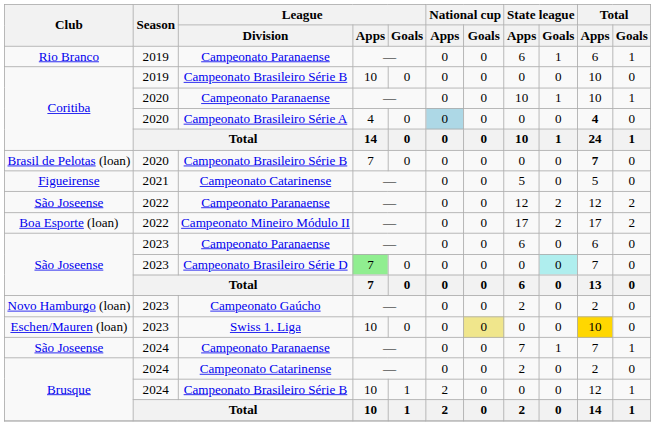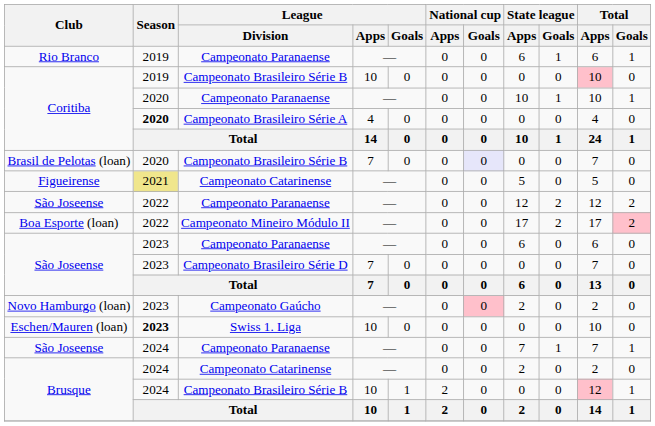 <table class="wikitable" style="text-align:center">
 <tr>
 <th rowspan="2">Club</th>
 <th rowspan="2">Season</th>
 <th colspan="3">League</th>
 <th colspan="2">National cup</th>
 <th colspan="2">State league</th>
 <th colspan="2">Total</th>
 </tr>
 <tr>
 <th>Division</th>
 <th>Apps</th>
 <th>Goals</th>
 <th>Apps</th>
 <th>Goals</th>
 <th>Apps</th>
 <th>Goals</th>
 <th>Apps</th>
 <th>Goals</th>
 </tr>
 <tr>
 <td><a href='#'>Rio Branco</a></td>
 <td>2019</td>
 <td><a href='#'>Campeonato Paranaense</a></td>
 <td colspan="2">—</td>
 <td>0</td>
 <td>0</td>
 <td>6</td>
 <td>1</td>
 <td>6</td>
 <td>1</td>
 </tr>
 <tr>
 <td rowspan="4"><a href='#'>Coritiba</a></td>
 <td>2019</td>
 <td><a href='#'>Campeonato Brasileiro Série B</a></td>
 <td>10</td>
 <td>0</td>
 <td>0</td>
 <td>0</td>
 <td>0</td>
 <td>0</td>
-<td>10</td>
+<td style="background: pink;">10</td>
 <td>0</td>
 </tr>
 <tr>
 <td>2020</td>
 <td><a href='#'>Campeonato Paranaense</a></td>
 <td colspan="2">—</td>
 <td>0</td>
 <td>0</td>
 <td>10</td>
 <td>1</td>
 <td>10</td>
 <td>1</td>
 </tr>
 <tr>
-<td>2020</td>
+<td><strong>2020</strong></td>
 <td><a href='#'>Campeonato Brasileiro Série A</a></td>
 <td>4</td>
 <td>0</td>
-<td style="background: lightblue;">0</td>
 <td>0</td>
 <td>0</td>
 <td>0</td>
-<td><strong>4</strong></td>
+<td>0</td>
+<td>4</td>
 <td>0</td>
 </tr>
 <tr>
 <th colspan="2">Total</th>
 <th>14</th>
 <th>0</th>
 <th>0</th>
 <th>0</th>
 <th>10</th>
 <th>1</th>
 <th>24</th>
 <th>1</th>
 </tr>
 <tr>
 <td><a href='#'>Brasil de Pelotas</a> (loan)</td>
 <td>2020</td>
 <td><a href='#'>Campeonato Brasileiro Série B</a></td>
 <td>7</td>
 <td>0</td>
 <td>0</td>
+<td style="background: lavender;">0</td>
 <td>0</td>
 <td>0</td>
-<td>0</td>
-<td><strong>7</strong></td>
+<td>7</td>
 <td>0</td>
 </tr>
 <tr>
 <td><a href='#'>Figueirense</a></td>
-<td>2021</td>
+<td style="background: khaki;">2021</td>
 <td><a href='#'>Campeonato Catarinense</a></td>
 <td colspan="2">—</td>
 <td>0</td>
 <td>0</td>
 <td>5</td>
 <td>0</td>
 <td>5</td>
 <td>0</td>
 </tr>
 <tr>
 <td><a href='#'>São Joseense</a></td>
 <td>2022</td>
 <td><a href='#'>Campeonato Paranaense</a></td>
 <td colspan="2">—</td>
 <td>0</td>
 <td>0</td>
 <td>12</td>
 <td>2</td>
 <td>12</td>
 <td>2</td>
 </tr>
 <tr>
 <td><a href='#'>Boa Esporte</a> (loan)</td>
 <td>2022</td>
 <td><a href='#'>Campeonato Mineiro Módulo II</a></td>
 <td colspan="2">—</td>
 <td>0</td>
 <td>0</td>
 <td>17</td>
 <td>2</td>
 <td>17</td>
-<td>2</td>
+<td style="background: pink;">2</td>
 </tr>
 <tr>
 <td rowspan="3"><a href='#'>São Joseense</a></td>
 <td>2023</td>
 <td><a href='#'>Campeonato Paranaense</a></td>
 <td colspan="2">—</td>
 <td>0</td>
 <td>0</td>
 <td>6</td>
 <td>0</td>
 <td>6</td>
 <td>0</td>
 </tr>
 <tr>
 <td>2023</td>
 <td><a href='#'>Campeonato Brasileiro Série D</a></td>
-<td style="background: lightgreen;">7</td>
+<td>7</td>
 <td>0</td>
 <td>0</td>
 <td>0</td>
 <td>0</td>
-<td style="background: paleturquoise;">0</td>
+<td>0</td>
 <td>7</td>
 <td>0</td>
 </tr>
 <tr>
 <th colspan="2">Total</th>
 <th>7</th>
 <th>0</th>
 <th>0</th>
 <th>0</th>
 <th>6</th>
 <th>0</th>
 <th>13</th>
 <th>0</th>
 </tr>
 <tr>
 <td><a href='#'>Novo Hamburgo</a> (loan)</td>
 <td>2023</td>
 <td><a href='#'>Campeonato Gaúcho</a></td>
 <td colspan="2">—</td>
 <td>0</td>
-<td>0</td>
+<td style="background: pink;">0</td>
 <td>2</td>
 <td>0</td>
 <td>2</td>
 <td>0</td>
 </tr>
 <tr>
 <td><a href='#'>Eschen/Mauren</a> (loan)</td>
-<td>2023</td>
+<td><strong>2023</strong></td>
 <td><a href='#'>Swiss 1. Liga</a></td>
 <td>10</td>
 <td>0</td>
 <td>0</td>
-<td style="background: khaki;">0</td>
 <td>0</td>
 <td>0</td>
-<td style="background: gold;">10</td>
+<td>0</td>
+<td>10</td>
 <td>0</td>
 </tr>
 <tr>
 <td><a href='#'>São Joseense</a></td>
 <td>2024</td>
 <td><a href='#'>Campeonato Paranaense</a></td>
 <td colspan="2">—</td>
 <td>0</td>
 <td>0</td>
 <td>7</td>
 <td>1</td>
 <td>7</td>
 <td>1</td>
 </tr>
 <tr>
 <td rowspan="3"><a href='#'>Brusque</a></td>
 <td>2024</td>
 <td><a href='#'>Campeonato Catarinense</a></td>
 <td colspan="2">—</td>
 <td>0</td>
 <td>0</td>
 <td>2</td>
 <td>0</td>
 <td>2</td>
 <td>0</td>
 </tr>
 <tr>
 <td>2024</td>
 <td><a href='#'>Campeonato Brasileiro Série B</a></td>
 <td>10</td>
 <td>1</td>
 <td>2</td>
 <td>0</td>
 <td>0</td>
 <td>0</td>
-<td>12</td>
+<td style="background: pink;">12</td>
 <td>1</td>
 </tr>
 <tr>
 <th colspan="2">Total</th>
 <th>10</th>
 <th>1</th>
 <th>2</th>
 <th>0</th>
 <th>2</th>
 <th>0</th>
 <th>14</th>
 <th>1</th>
 </tr>
 <tr>
 </tr>
 </table>
